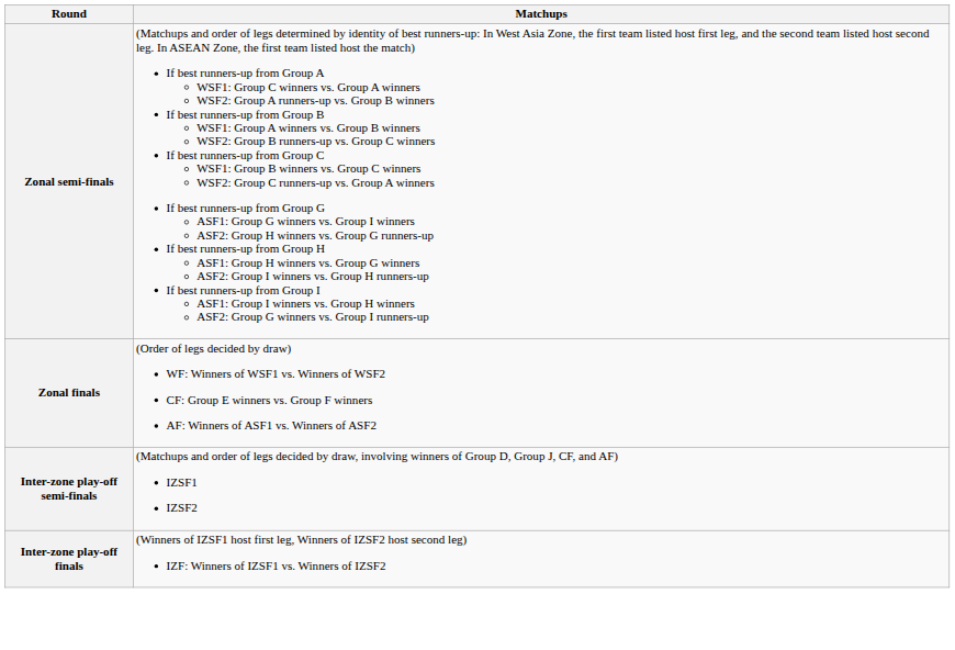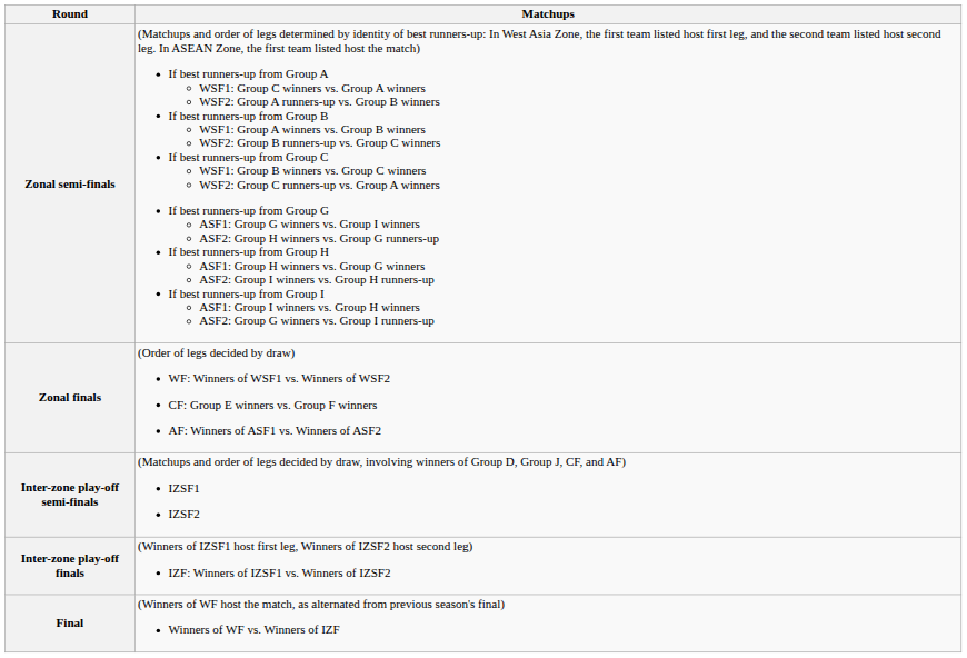 <table class=wikitable>
 <tr>
 <th>Round</th>
 <th>Matchups</th>
 </tr>
 <tr>
 <th>Zonal semi-finals</th>
 <td>(Matchups and order of legs determined by identity of best runners-up: In West Asia Zone, the first team listed host first leg, and the second team listed host second leg. In ASEAN Zone, the first team listed host the match)<br> <ul><li>If best runners-up from Group A<ul><li>WSF1: Group C winners vs. Group A winners</li><li>WSF2: Group A runners-up vs. Group B winners</li></ul></li><li>If best runners-up from Group B<ul><li>WSF1: Group A winners vs. Group B winners</li><li>WSF2: Group B runners-up vs. Group C winners</li></ul></li><li>If best runners-up from Group C<ul><li>WSF1: Group B winners vs. Group C winners</li><li>WSF2: Group C runners-up vs. Group A winners</li></ul></li></ul><ul><li>If best runners-up from Group G<ul><li>ASF1: Group G winners vs. Group I winners</li><li>ASF2: Group H winners vs. Group G runners-up</li></ul></li><li>If best runners-up from Group H<ul><li>ASF1: Group H winners vs. Group G winners</li><li>ASF2: Group I winners vs. Group H runners-up</li></ul></li><li>If best runners-up from Group I<ul><li>ASF1: Group I winners vs. Group H winners</li><li>ASF2: Group G winners vs. Group I runners-up</li></ul></li></ul></td>
 </tr>
 <tr>
 <th>Zonal finals</th>
 <td>(Order of legs decided by draw)<br> <ul><li>WF: Winners of WSF1 vs. Winners of WSF2</li></ul><ul><li>CF: Group E winners vs. Group F winners</li></ul><ul><li>AF: Winners of ASF1 vs. Winners of ASF2</li></ul></td>
 </tr>
 <tr>
 <th>Inter-zone play-off semi-finals</th>
 <td>(Matchups and order of legs decided by draw, involving winners of Group D, Group J, CF, and AF)<br> <ul><li>IZSF1</li></ul><ul><li>IZSF2</li></ul></td>
 </tr>
 <tr>
 <th>Inter-zone play-off finals</th>
 <td>(Winners of IZSF1 host first leg, Winners of IZSF2 host second leg)<br><ul><li>IZF: Winners of IZSF1 vs. Winners of IZSF2</li></ul></td>
 </tr>
+<tr>
+<th>Final</th>
+<td>(Winners of WF host the match, as alternated from previous season's final)<br><ul><li>Winners of WF vs. Winners of IZF</li></ul></td>
+</tr>
 </table>
